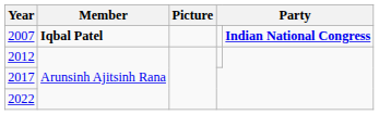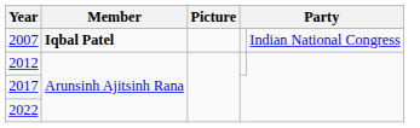 <table class="wikitable sortable">
 <tr>
 <th>Year</th>
 <th>Member</th>
 <th>Picture</th>
 <th colspan="2">Party</th>
 </tr>
 <tr>
 <td><a href='#'>2007</a></td>
 <td><strong>Iqbal Patel</strong></td>
 <td></td>
 <td></td>
-<td><strong><a href='#'>Indian National Congress</a></strong></td>
+<td><a href='#'>Indian National Congress</a></td>
 </tr>
 <tr>
 <td><a href='#'>2012</a></td>
 <td rowspan="3"><a href='#'>Arunsinh Ajitsinh Rana</a></td>
 <td rowspan="3"></td>
 <td></td>
 </tr>
 <tr>
 <td><a href='#'>2017</a></td>
 </tr>
 <tr>
 <td><a href='#'>2022</a></td>
 </tr>
 </table>
